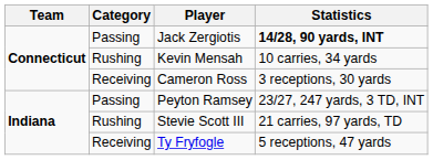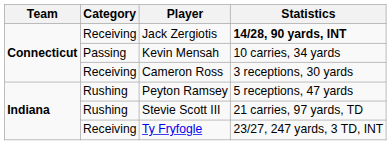 <table class="wikitable" style="float: right;">
 <tr>
 <th>Team</th>
 <th>Category</th>
 <th>Player</th>
 <th>Statistics</th>
 </tr>
 <tr>
 <td rowspan=3><strong>Connecticut</strong></td>
-<td>Passing</td>
+<td>Receiving</td>
 <td>Jack Zergiotis</td>
 <td><strong>14/28, 90 yards, INT</strong></td>
 </tr>
 <tr>
-<td>Rushing</td>
+<td>Passing</td>
 <td>Kevin Mensah</td>
 <td>10 carries, 34 yards</td>
 </tr>
 <tr>
 <td>Receiving</td>
 <td>Cameron Ross</td>
 <td>3 receptions, 30 yards</td>
 </tr>
 <tr>
 <td rowspan=3><strong>Indiana</strong></td>
-<td>Passing</td>
+<td>Rushing</td>
 <td>Peyton Ramsey</td>
-<td>23/27, 247 yards, 3 TD, INT</td>
+<td>5 receptions, 47 yards</td>
 </tr>
 <tr>
 <td>Rushing</td>
 <td>Stevie Scott III</td>
 <td>21 carries, 97 yards, TD</td>
 </tr>
 <tr>
 <td>Receiving</td>
 <td><a href='#'>Ty Fryfogle</a></td>
-<td>5 receptions, 47 yards</td>
+<td>23/27, 247 yards, 3 TD, INT</td>
 </tr>
 </table>
